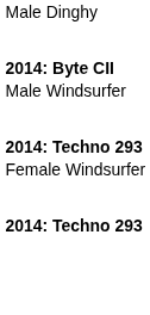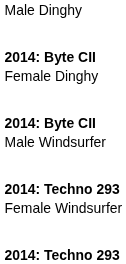 <table>
 <tr>
 <td style="align:center;">Male Dinghy <br> <br><br><strong>2014: Byte CII</strong> <br></td>
+<td></td>
+<td></td>
+<td></td>
+</tr>
+<tr>
+<td style="align:center;">Female Dinghy <br> <br><br><strong>2014: Byte CII</strong> <br></td>
 <td></td>
 <td></td>
 <td></td>
 </tr>
 <tr>
 <td style="align:center;">Male Windsurfer <br> <br><br><strong>2014: Techno 293</strong> <br></td>
 <td></td>
 <td></td>
 <td></td>
 </tr>
 <tr>
 <td style="align:center;">Female Windsurfer <br> <br><br><strong>2014: Techno 293</strong> <br></td>
 <td></td>
 <td></td>
 <td></td>
 </tr>
 <tr>
 </tr>
 </table>
